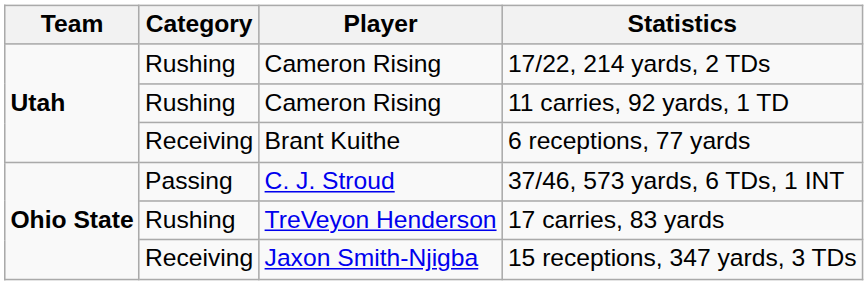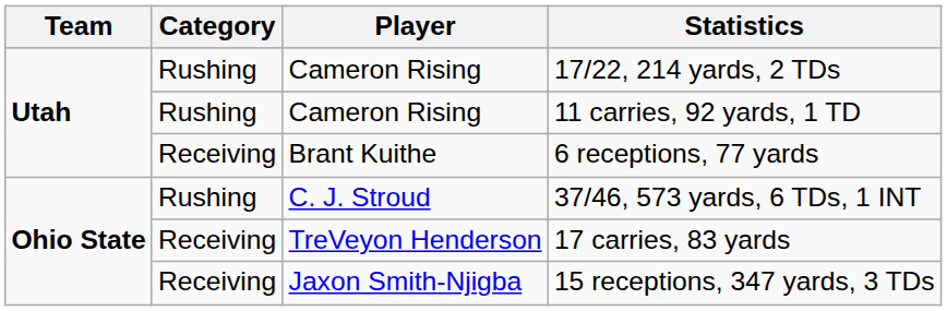 <table class="wikitable" style="float: left;">
 <tr>
 <th>Team</th>
 <th>Category</th>
 <th>Player</th>
 <th>Statistics</th>
 </tr>
 <tr>
 <td rowspan=3><strong>Utah</strong></td>
 <td>Rushing</td>
 <td>Cameron Rising</td>
 <td>17/22, 214 yards, 2 TDs</td>
 </tr>
 <tr>
 <td>Rushing</td>
 <td>Cameron Rising</td>
 <td>11 carries, 92 yards, 1 TD</td>
 </tr>
 <tr>
 <td>Receiving</td>
 <td>Brant Kuithe</td>
 <td>6 receptions, 77 yards</td>
 </tr>
 <tr>
 <td rowspan=3><strong>Ohio State</strong></td>
-<td>Passing</td>
+<td>Rushing</td>
 <td><a href='#'>C. J. Stroud</a></td>
 <td>37/46, 573 yards, 6 TDs, 1 INT</td>
 </tr>
 <tr>
-<td>Rushing</td>
+<td>Receiving</td>
 <td><a href='#'>TreVeyon Henderson</a></td>
 <td>17 carries, 83 yards</td>
 </tr>
 <tr>
 <td>Receiving</td>
 <td><a href='#'>Jaxon Smith-Njigba</a></td>
 <td>15 receptions, 347 yards, 3 TDs</td>
 </tr>
 </table>
